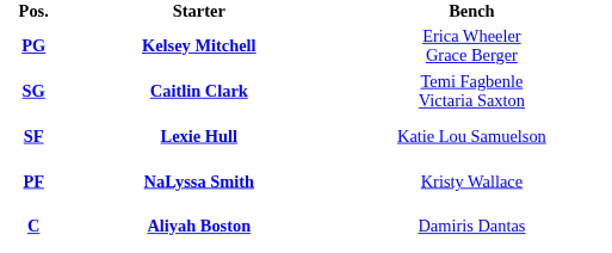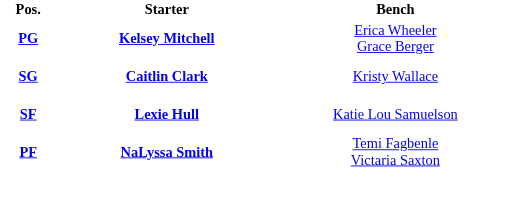 <table style="text-align:center; ">
 <tr>
 <th width="50">Pos.</th>
 <th width="250">Starter</th>
 <th width="250">Bench</th>
 </tr>
 <tr style="height:40px; background:white; color:#092C57">
 <th><a href='#'><span>PG</span></a></th>
 <td><strong><a href='#'>Kelsey Mitchell</a></strong></td>
 <td><a href='#'>Erica Wheeler</a><br><a href='#'>Grace Berger</a></td>
 </tr>
 <tr style="height:40px; background:white; color:#092C57">
 <th><a href='#'><span>SG</span></a></th>
 <td><strong><a href='#'>Caitlin Clark</a></strong></td>
-<td><a href='#'>Temi Fagbenle</a><br><a href='#'>Victaria Saxton</a></td>
+<td><a href='#'>Kristy Wallace</a></td>
 </tr>
 <tr style="height:40px; background:white; color:#092C57">
 <th><a href='#'><span>SF</span></a></th>
 <td><strong> <a href='#'>Lexie Hull</a></strong></td>
 <td><a href='#'>Katie Lou Samuelson</a></td>
 </tr>
 <tr style="height:40px; background:white; color:#092C57">
 <th><a href='#'><span>PF</span></a></th>
 <td><strong><a href='#'>NaLyssa Smith</a></strong></td>
-<td><a href='#'>Kristy Wallace</a></td>
-</tr>
-<tr style="height:40px; background:white; color:#092C57">
-<th><a href='#'><span>C</span></a></th>
-<td><strong><a href='#'>Aliyah Boston</a></strong></td>
-<td><a href='#'>Damiris Dantas</a></td>
+<td><a href='#'>Temi Fagbenle</a><br><a href='#'>Victaria Saxton</a></td>
 </tr>
 </table>
